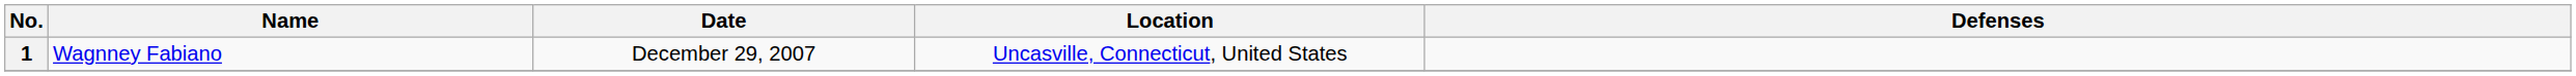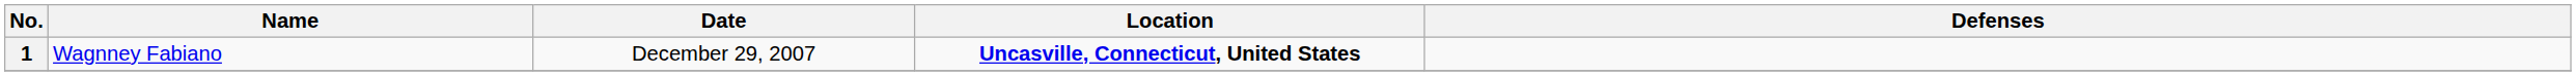 <table class="wikitable" width="99%" style="text-align:center;">
 <tr>
 <th width=1%>No.</th>
 <th width=19%>Name</th>
 <th width=15%>Date</th>
 <th width=20%>Location</th>
 <th width=45%>Defenses</th>
 </tr>
 <tr>
 <th>1</th>
 <td align="left"> <a href='#'>Wagnney Fabiano</a><br></td>
 <td>December 29, 2007</td>
-<td><a href='#'>Uncasville, Connecticut</a>, United States</td>
+<td><strong><a href='#'>Uncasville, Connecticut</a>, United States</strong></td>
 <td align="left"><br></td>
 </tr>
 <tr>
 </tr>
 </table>
